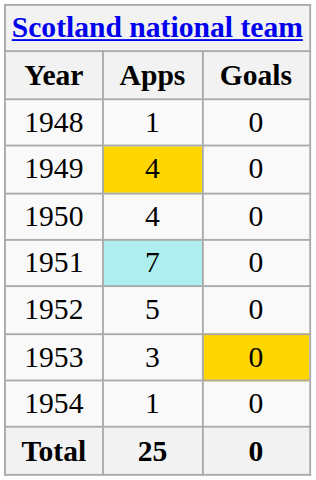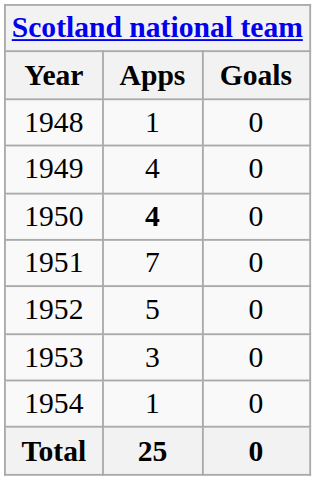 <table class="wikitable" style="text-align:center">
 <tr>
 <th colspan=3><a href='#'>Scotland national team</a></th>
 </tr>
 <tr>
 <th>Year</th>
 <th>Apps</th>
 <th>Goals</th>
 </tr>
 <tr>
 <td>1948</td>
 <td>1</td>
 <td>0</td>
 </tr>
 <tr>
 <td>1949</td>
-<td style="background: gold;">4</td>
+<td>4</td>
 <td>0</td>
 </tr>
 <tr>
 <td>1950</td>
-<td>4</td>
+<td><strong>4</strong></td>
 <td>0</td>
 </tr>
 <tr>
 <td>1951</td>
-<td style="background: paleturquoise;">7</td>
+<td>7</td>
 <td>0</td>
 </tr>
 <tr>
 <td>1952</td>
 <td>5</td>
 <td>0</td>
 </tr>
 <tr>
 <td>1953</td>
 <td>3</td>
-<td style="background: gold;">0</td>
+<td>0</td>
 </tr>
 <tr>
 <td>1954</td>
 <td>1</td>
 <td>0</td>
 </tr>
 <tr>
 <th>Total</th>
 <th>25</th>
 <th>0</th>
 </tr>
 </table>
